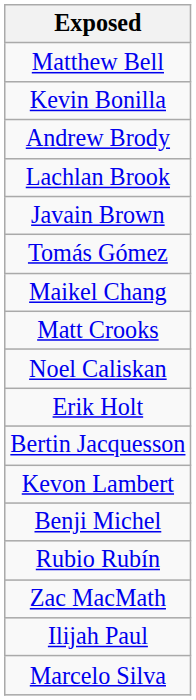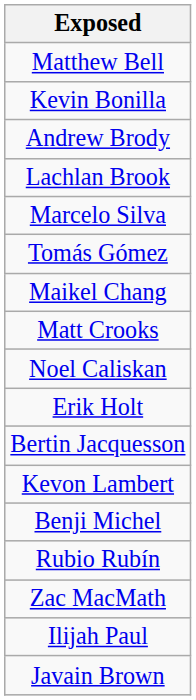 <table class="wikitable" style="text-align:center">
 <tr>
 <th>Exposed</th>
 </tr>
 <tr>
 <td><a href='#'>Matthew Bell</a></td>
 </tr>
 <tr>
 <td><a href='#'>Kevin Bonilla</a></td>
 </tr>
 <tr>
 <td><a href='#'>Andrew Brody</a></td>
 </tr>
 <tr>
 <td><a href='#'>Lachlan Brook</a></td>
 </tr>
 <tr>
-<td><a href='#'>Javain Brown</a></td>
+<td><a href='#'>Marcelo Silva</a></td>
 </tr>
 <tr>
 <td><a href='#'>Tomás Gómez</a></td>
 </tr>
 <tr>
 <td><a href='#'>Maikel Chang</a></td>
 </tr>
 <tr>
 <td><a href='#'>Matt Crooks</a></td>
 </tr>
 <tr>
 <td><a href='#'>Noel Caliskan</a></td>
 </tr>
 <tr>
 <td><a href='#'>Erik Holt</a></td>
 </tr>
 <tr>
 <td><a href='#'>Bertin Jacquesson</a></td>
 </tr>
 <tr>
 <td><a href='#'>Kevon Lambert</a></td>
 </tr>
 <tr>
 <td><a href='#'>Benji Michel</a></td>
 </tr>
 <tr>
 <td><a href='#'>Rubio Rubín</a></td>
 </tr>
 <tr>
 <td><a href='#'>Zac MacMath</a></td>
 </tr>
 <tr>
 <td><a href='#'>Ilijah Paul</a></td>
 </tr>
 <tr>
-<td><a href='#'>Marcelo Silva</a></td>
+<td><a href='#'>Javain Brown</a></td>
 </tr>
 </table>
